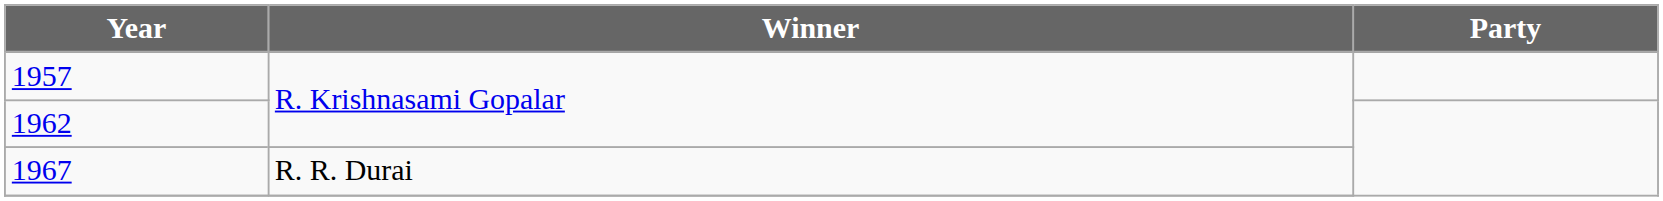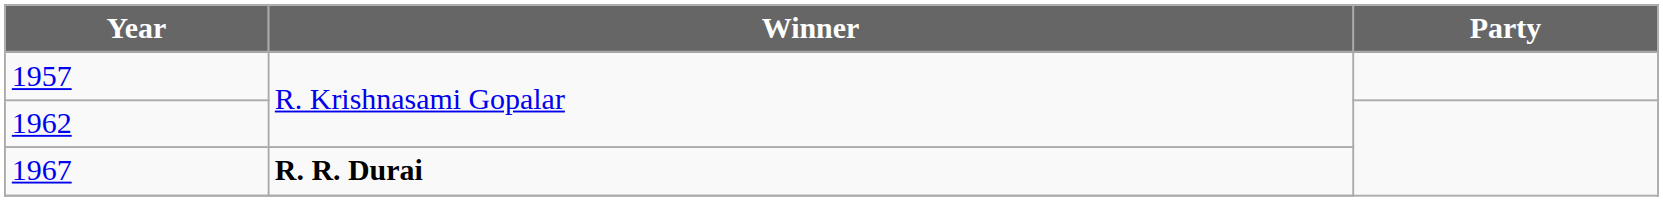 <table class="wikitable" width="70%">
 <tr>
 <th style="background-color:#666666; color:white">Year</th>
 <th style="background-color:#666666; color:white">Winner</th>
 <th style="background-color:#666666; color:white" colspan="2">Party</th>
 </tr>
 <tr>
 <td><a href='#'>1957</a></td>
 <td rowspan=2><a href='#'>R. Krishnasami Gopalar</a></td>
 <td></td>
 </tr>
 <tr>
 <td><a href='#'>1962</a></td>
 </tr>
 <tr>
 <td><a href='#'>1967</a></td>
-<td>R. R. Durai</td>
+<td><strong>R. R. Durai</strong></td>
 </tr>
 <tr>
 </tr>
 </table>
